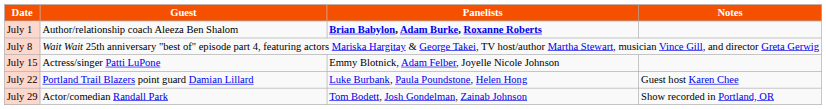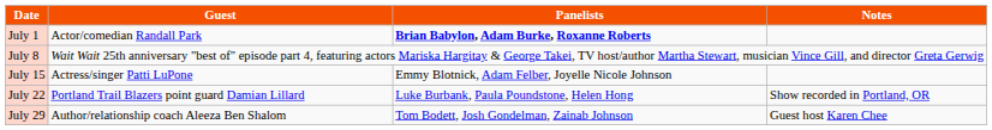 <table class="wikitable">
 <tr>
 <th style="background:#f55000;color:#FFFFFF;">Date</th>
 <th style="background:#f55000;color:#FFFFFF;">Guest</th>
 <th style="background:#f55000;color:#FFFFFF;">Panelists</th>
 <th style="background:#f55000;color:#FFFFFF;">Notes</th>
 </tr>
 <tr>
 <td style="background:#FDD6CC;color:#000000;">July 1</td>
-<td>Author/relationship coach Aleeza Ben Shalom</td>
+<td>Actor/comedian <a href='#'>Randall Park</a></td>
 <td><strong><a href='#'>Brian Babylon</a>, <a href='#'>Adam Burke</a>, <a href='#'>Roxanne Roberts</a></strong></td>
 <td></td>
 </tr>
 <tr>
 <td style="background:#FDD6CC;color:#000000;">July 8</td>
 <td colspan=3><em>Wait Wait</em> 25th anniversary "best of" episode part 4, featuring actors <a href='#'>Mariska Hargitay</a> & <a href='#'>George Takei</a>, TV host/author <a href='#'>Martha Stewart</a>, musician <a href='#'>Vince Gill</a>, and director <a href='#'>Greta Gerwig</a></td>
 </tr>
 <tr>
 <td style="background:#FDD6CC;color:#000000;">July 15</td>
 <td>Actress/singer <a href='#'>Patti LuPone</a></td>
 <td>Emmy Blotnick, <a href='#'>Adam Felber</a>, Joyelle Nicole Johnson</td>
 <td></td>
 </tr>
 <tr>
 <td style="background:#FDD6CC;color:#000000;">July 22</td>
 <td><a href='#'>Portland Trail Blazers</a> point guard <a href='#'>Damian Lillard</a></td>
 <td><a href='#'>Luke Burbank</a>, <a href='#'>Paula Poundstone</a>, <a href='#'>Helen Hong</a></td>
-<td>Guest host <a href='#'>Karen Chee</a></td>
+<td>Show recorded in <a href='#'>Portland, OR</a> </td>
 </tr>
 <tr>
 <td style="background:#FDD6CC;color:#000000;">July 29</td>
-<td>Actor/comedian <a href='#'>Randall Park</a></td>
+<td>Author/relationship coach Aleeza Ben Shalom</td>
 <td><a href='#'>Tom Bodett</a>, <a href='#'>Josh Gondelman</a>, <a href='#'>Zainab Johnson</a></td>
-<td>Show recorded in <a href='#'>Portland, OR</a> </td>
+<td>Guest host <a href='#'>Karen Chee</a></td>
 </tr>
 </table>
